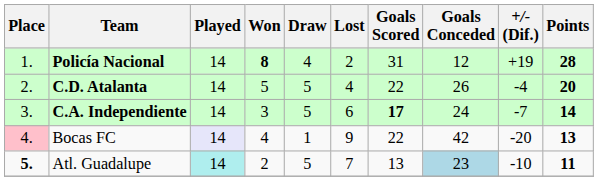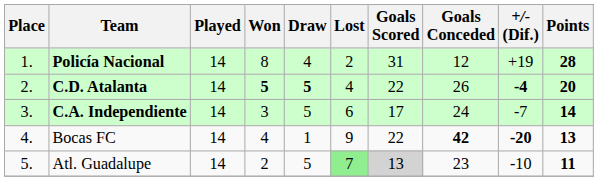 <table class="wikitable" style="text-align: center;">
 <tr>
 <th>Place</th>
 <th>Team</th>
 <th>Played</th>
 <th>Won</th>
 <th>Draw</th>
 <th>Lost</th>
 <th>Goals<br>Scored</th>
 <th>Goals<br>Conceded</th>
 <th><em>+/-</em><br>(Dif.)</th>
 <th><strong>Points</strong></th>
 </tr>
 <tr bgcolor=#ccffcc>
 <td>1.</td>
 <td align="left"><strong>Policía Nacional</strong></td>
 <td>14</td>
-<td><strong>8</strong></td>
+<td>8</td>
 <td>4</td>
 <td>2</td>
 <td>31</td>
 <td>12</td>
 <td>+19</td>
 <td><strong>28</strong></td>
 </tr>
 <tr bgcolor=#ccffcc>
 <td>2.</td>
 <td align="left"><strong>C.D. Atalanta</strong></td>
 <td>14</td>
-<td>5</td>
-<td>5</td>
+<td><strong>5</strong></td>
+<td><strong>5</strong></td>
 <td>4</td>
 <td>22</td>
 <td>26</td>
-<td>-4</td>
+<td><strong>-4</strong></td>
 <td><strong>20</strong></td>
 </tr>
 <tr bgcolor=#ccffcc>
 <td>3.</td>
 <td align="left"><strong>C.A. Independiente</strong></td>
 <td>14</td>
 <td>3</td>
 <td>5</td>
 <td>6</td>
-<td><strong>17</strong></td>
+<td>17</td>
 <td>24</td>
 <td>-7</td>
 <td><strong>14</strong></td>
 </tr>
 <tr>
-<td style="background: pink;">4.</td>
+<td>4.</td>
 <td align="left">Bocas FC</td>
-<td style="background: lavender;">14</td>
+<td>14</td>
 <td>4</td>
 <td>1</td>
 <td>9</td>
 <td>22</td>
-<td>42</td>
-<td>-20</td>
+<td><strong>42</strong></td>
+<td><strong>-20</strong></td>
 <td><strong>13</strong></td>
 </tr>
 <tr>
-<td><strong>5.</strong></td>
+<td>5.</td>
 <td align="left">Atl. Guadalupe</td>
-<td style="background: paleturquoise;">14</td>
+<td>14</td>
 <td>2</td>
 <td>5</td>
-<td>7</td>
-<td>13</td>
-<td style="background: lightblue;">23</td>
+<td style="background: lightgreen;">7</td>
+<td style="background: lightgrey;">13</td>
+<td>23</td>
 <td>-10</td>
 <td><strong>11</strong></td>
 </tr>
 <tr>
 </tr>
 </table>
